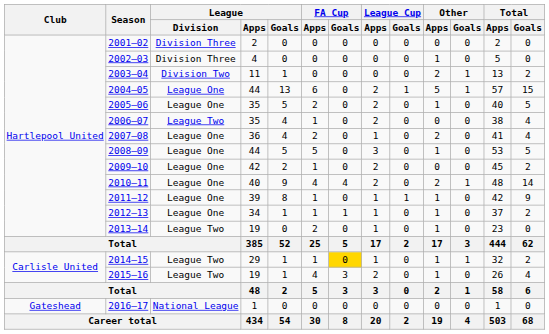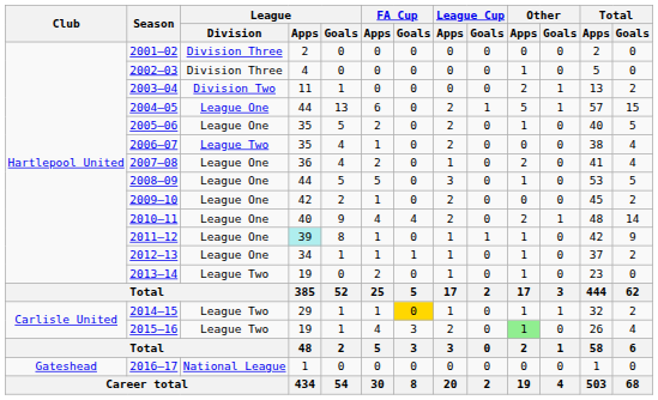 <table class="wikitable" style="text-align: center">
 <tr>
 <th rowspan="2">Club</th>
 <th rowspan="2">Season</th>
 <th colspan="3">League</th>
 <th colspan="2"><a href='#'>FA Cup</a></th>
 <th colspan="2"><a href='#'>League Cup</a></th>
 <th colspan="2">Other</th>
 <th colspan="2">Total</th>
 </tr>
 <tr>
 <th>Division</th>
 <th>Apps</th>
 <th>Goals</th>
 <th>Apps</th>
 <th>Goals</th>
 <th>Apps</th>
 <th>Goals</th>
 <th>Apps</th>
 <th>Goals</th>
 <th>Apps</th>
 <th>Goals</th>
 </tr>
 <tr>
 <td rowspan="13"><a href='#'>Hartlepool United</a></td>
 <td><a href='#'>2001–02</a></td>
 <td><a href='#'>Division Three</a></td>
 <td>2</td>
 <td>0</td>
 <td>0</td>
 <td>0</td>
 <td>0</td>
 <td>0</td>
 <td>0</td>
 <td>0</td>
 <td>2</td>
 <td>0</td>
 </tr>
 <tr>
 <td><a href='#'>2002–03</a></td>
 <td>Division Three</td>
 <td>4</td>
 <td>0</td>
 <td>0</td>
 <td>0</td>
 <td>0</td>
 <td>0</td>
 <td>1</td>
 <td>0</td>
 <td>5</td>
 <td>0</td>
 </tr>
 <tr>
 <td><a href='#'>2003–04</a></td>
 <td><a href='#'>Division Two</a></td>
 <td>11</td>
 <td>1</td>
 <td>0</td>
 <td>0</td>
 <td>0</td>
 <td>0</td>
 <td>2</td>
 <td>1</td>
 <td>13</td>
 <td>2</td>
 </tr>
 <tr>
 <td><a href='#'>2004–05</a></td>
 <td><a href='#'>League One</a></td>
 <td>44</td>
 <td>13</td>
 <td>6</td>
 <td>0</td>
 <td>2</td>
 <td>1</td>
 <td>5</td>
 <td>1</td>
 <td>57</td>
 <td>15</td>
 </tr>
 <tr>
 <td><a href='#'>2005–06</a></td>
 <td>League One</td>
 <td>35</td>
 <td>5</td>
 <td>2</td>
 <td>0</td>
 <td>2</td>
 <td>0</td>
 <td>1</td>
 <td>0</td>
 <td>40</td>
 <td>5</td>
 </tr>
 <tr>
 <td><a href='#'>2006–07</a></td>
 <td><a href='#'>League Two</a></td>
 <td>35</td>
 <td>4</td>
 <td>1</td>
 <td>0</td>
 <td>2</td>
 <td>0</td>
 <td>0</td>
 <td>0</td>
 <td>38</td>
 <td>4</td>
 </tr>
 <tr>
 <td><a href='#'>2007–08</a></td>
 <td>League One</td>
 <td>36</td>
 <td>4</td>
 <td>2</td>
 <td>0</td>
 <td>1</td>
 <td>0</td>
 <td>2</td>
 <td>0</td>
 <td>41</td>
 <td>4</td>
 </tr>
 <tr>
 <td><a href='#'>2008–09</a></td>
 <td>League One</td>
 <td>44</td>
 <td>5</td>
 <td>5</td>
 <td>0</td>
 <td>3</td>
 <td>0</td>
 <td>1</td>
 <td>0</td>
 <td>53</td>
 <td>5</td>
 </tr>
 <tr>
 <td><a href='#'>2009–10</a></td>
 <td>League One</td>
 <td>42</td>
 <td>2</td>
 <td>1</td>
 <td>0</td>
 <td>2</td>
 <td>0</td>
 <td>0</td>
 <td>0</td>
 <td>45</td>
 <td>2</td>
 </tr>
 <tr>
 <td><a href='#'>2010–11</a></td>
 <td>League One</td>
 <td>40</td>
 <td>9</td>
 <td>4</td>
 <td>4</td>
 <td>2</td>
 <td>0</td>
 <td>2</td>
 <td>1</td>
 <td>48</td>
 <td>14</td>
 </tr>
 <tr>
 <td><a href='#'>2011–12</a></td>
 <td>League One</td>
-<td>39</td>
+<td style="background: paleturquoise;">39</td>
 <td>8</td>
 <td>1</td>
 <td>0</td>
 <td>1</td>
 <td>1</td>
 <td>1</td>
 <td>0</td>
 <td>42</td>
 <td>9</td>
 </tr>
 <tr>
 <td><a href='#'>2012–13</a></td>
 <td>League One</td>
 <td>34</td>
 <td>1</td>
 <td>1</td>
 <td>1</td>
 <td>1</td>
 <td>0</td>
 <td>1</td>
 <td>0</td>
 <td>37</td>
 <td>2</td>
 </tr>
 <tr>
 <td><a href='#'>2013–14</a></td>
 <td>League Two</td>
 <td>19</td>
 <td>0</td>
 <td>2</td>
 <td>0</td>
 <td>1</td>
 <td>0</td>
 <td>1</td>
 <td>0</td>
 <td>23</td>
 <td>0</td>
 </tr>
 <tr>
 <th colspan="3">Total</th>
 <th>385</th>
 <th>52</th>
 <th>25</th>
 <th>5</th>
 <th>17</th>
 <th>2</th>
 <th>17</th>
 <th>3</th>
 <th>444</th>
 <th>62</th>
 </tr>
 <tr>
 <td rowspan="2"><a href='#'>Carlisle United</a></td>
 <td><a href='#'>2014–15</a></td>
 <td>League Two</td>
 <td>29</td>
 <td>1</td>
 <td>1</td>
 <td style="background: gold;">0</td>
 <td>1</td>
 <td>0</td>
 <td>1</td>
 <td>1</td>
 <td>32</td>
 <td>2</td>
 </tr>
 <tr>
 <td><a href='#'>2015–16</a></td>
 <td>League Two</td>
 <td>19</td>
 <td>1</td>
 <td>4</td>
 <td>3</td>
 <td>2</td>
 <td>0</td>
-<td>1</td>
+<td style="background: lightgreen;">1</td>
 <td>0</td>
 <td>26</td>
 <td>4</td>
 </tr>
 <tr>
 <th colspan="3">Total</th>
 <th>48</th>
 <th>2</th>
 <th>5</th>
 <th>3</th>
 <th>3</th>
 <th>0</th>
 <th>2</th>
 <th>1</th>
 <th>58</th>
 <th>6</th>
 </tr>
 <tr>
 <td><a href='#'>Gateshead</a></td>
 <td><a href='#'>2016–17</a></td>
 <td><a href='#'>National League</a></td>
 <td>1</td>
 <td>0</td>
 <td>0</td>
 <td>0</td>
 <td>0</td>
 <td>0</td>
 <td>0</td>
 <td>0</td>
 <td>1</td>
 <td>0</td>
 </tr>
 <tr>
 <th colspan="3">Career total</th>
 <th>434</th>
 <th>54</th>
 <th>30</th>
 <th>8</th>
 <th>20</th>
 <th>2</th>
 <th>19</th>
 <th>4</th>
 <th>503</th>
 <th>68</th>
 </tr>
 </table>
